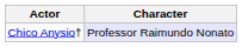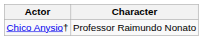 <table class="wikitable">
 <tr>
 <th>Actor</th>
 <th>Character</th>
 </tr>
 <tr>
 <td><a href='#'>Chico Anysio</a>†</td>
-<td style="background: lavender;">Professor Raimundo Nonato</td>
+<td>Professor Raimundo Nonato</td>
 </tr>
 </table>
